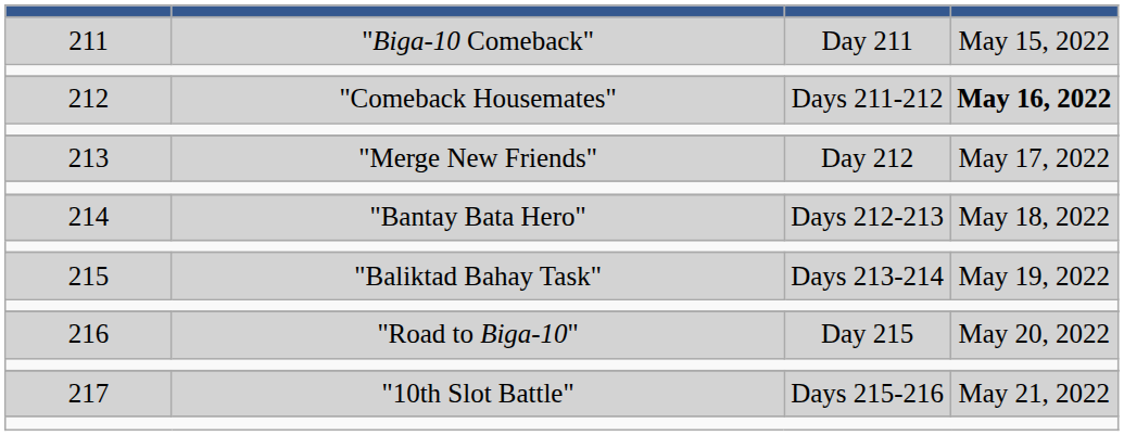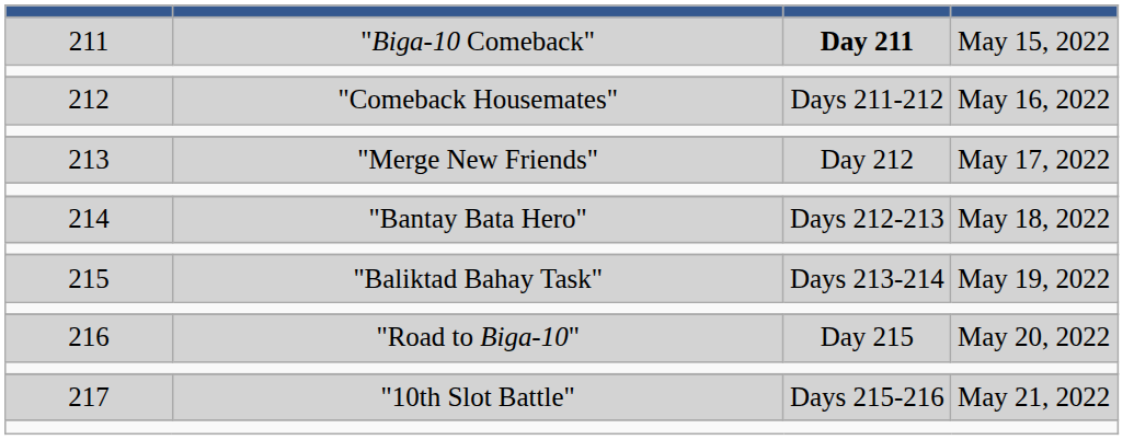 <table class="wikitable sortable" style="font-size:100%; line-height:20px; text-align:center">
 <tr>
 <th width="15%" style="background:#34588F"></th>
 <th width="55%" style="background:#34588F"></th>
 <th width="15%" style="background:#34588F"></th>
 <th width="15%" style="background:#34588F"></th>
 </tr>
 <tr style="background:lightgrey;">
 <td>211</td>
 <td>"<em>Biga-10</em> Comeback"</td>
-<td>Day 211</td>
+<td><strong>Day 211</strong></td>
 <td>May 15, 2022</td>
 </tr>
 <tr>
 <td colspan="4" align="left"></td>
 </tr>
 <tr>
 </tr>
 <tr style="background:lightgrey;">
 </tr>
 <tr style="background:lightgrey;">
 <td>212</td>
 <td>"Comeback Housemates"</td>
 <td>Days 211-212</td>
-<td><strong>May 16, 2022</strong></td>
+<td>May 16, 2022</td>
 </tr>
 <tr>
 <td colspan="4" align="left"></td>
 </tr>
 <tr>
 </tr>
 <tr style="background:lightgrey;">
 </tr>
 <tr style="background:lightgrey;">
 <td>213</td>
 <td>"Merge New Friends"</td>
 <td>Day 212</td>
 <td>May 17, 2022</td>
 </tr>
 <tr>
 <td colspan="4" align="left"></td>
 </tr>
 <tr>
 </tr>
 <tr style="background:lightgrey;">
 </tr>
 <tr style="background:lightgrey;">
 <td>214</td>
 <td>"Bantay Bata Hero"</td>
 <td>Days 212-213</td>
 <td>May 18, 2022</td>
 </tr>
 <tr>
 <td colspan="4" align="left"></td>
 </tr>
 <tr>
 </tr>
 <tr style="background:lightgrey;">
 </tr>
 <tr style="background:lightgrey;">
 <td>215</td>
 <td>"Baliktad Bahay Task"</td>
 <td>Days 213-214</td>
 <td>May 19, 2022</td>
 </tr>
 <tr>
 <td colspan="4" align="left"></td>
 </tr>
 <tr>
 </tr>
 <tr style="background:lightgrey;">
 </tr>
 <tr style="background:lightgrey;">
 <td>216</td>
 <td>"Road to <em>Biga-10</em>"</td>
 <td>Day 215</td>
 <td>May 20, 2022</td>
 </tr>
 <tr>
 <td colspan="4" align="left"></td>
 </tr>
 <tr>
 </tr>
 <tr style="background:lightgrey;">
 <td>217</td>
 <td>"10th Slot Battle"</td>
 <td>Days 215-216</td>
 <td>May 21, 2022</td>
 </tr>
 <tr>
 <td colspan="4" align="left"></td>
 </tr>
 </table>
